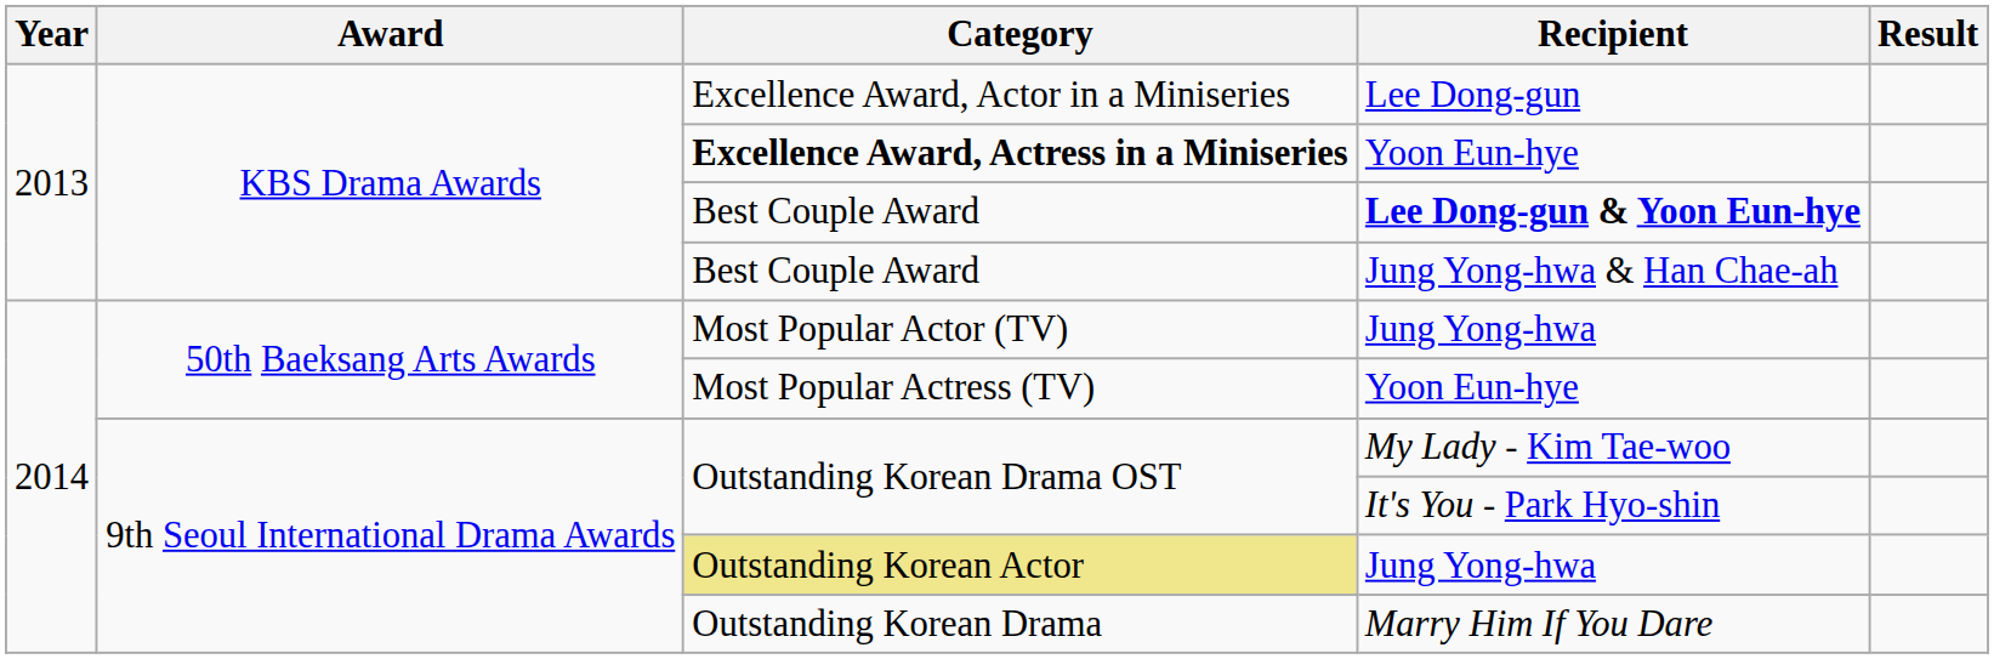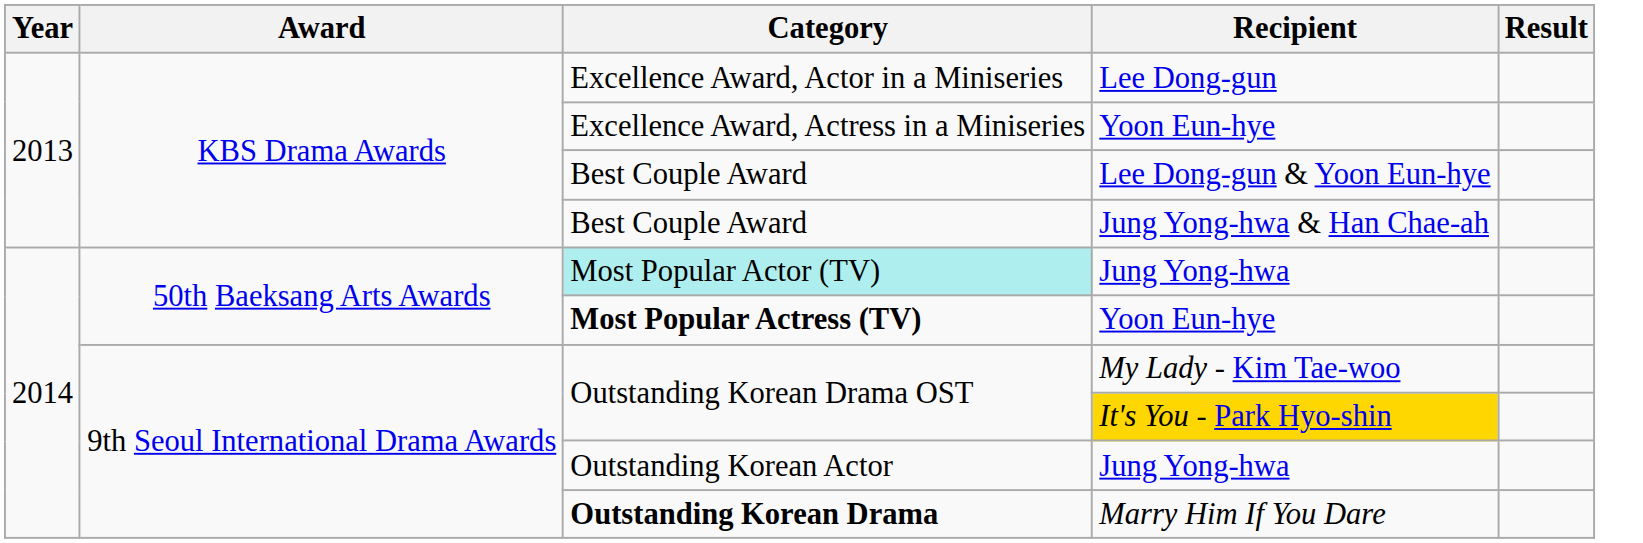 <table class="wikitable">
 <tr>
 <th>Year</th>
 <th>Award</th>
 <th>Category</th>
 <th>Recipient</th>
 <th>Result</th>
 </tr>
 <tr>
 <td rowspan=4>2013</td>
 <td rowspan=4 style="text-align:center;"><a href='#'>KBS Drama Awards</a></td>
 <td>Excellence Award, Actor in a Miniseries</td>
 <td><a href='#'>Lee Dong-gun</a></td>
 <td></td>
 </tr>
 <tr>
-<td><strong>Excellence Award, Actress in a Miniseries</strong></td>
+<td>Excellence Award, Actress in a Miniseries</td>
 <td><a href='#'>Yoon Eun-hye</a></td>
 <td></td>
 </tr>
 <tr>
 <td>Best Couple Award</td>
-<td><strong><a href='#'>Lee Dong-gun</a> & <a href='#'>Yoon Eun-hye</a></strong></td>
+<td><a href='#'>Lee Dong-gun</a> & <a href='#'>Yoon Eun-hye</a></td>
 <td></td>
 </tr>
 <tr>
 <td>Best Couple Award</td>
 <td><a href='#'>Jung Yong-hwa</a> & <a href='#'>Han Chae-ah</a></td>
 <td></td>
 </tr>
 <tr>
 <td rowspan=6>2014</td>
 <td rowspan=2 style="text-align:center;"><a href='#'>50th</a> <a href='#'>Baeksang Arts Awards</a></td>
-<td>Most Popular Actor (TV)</td>
+<td style="background: paleturquoise;">Most Popular Actor (TV)</td>
 <td><a href='#'>Jung Yong-hwa</a></td>
 <td></td>
 </tr>
 <tr>
-<td>Most Popular Actress (TV)</td>
+<td><strong>Most Popular Actress (TV)</strong></td>
 <td><a href='#'>Yoon Eun-hye</a></td>
 <td></td>
 </tr>
 <tr>
 <td rowspan=4 style="text-align:center;">9th <a href='#'>Seoul International Drama Awards</a></td>
 <td rowspan=2>Outstanding Korean Drama OST</td>
 <td><em>My Lady</em> - <a href='#'>Kim Tae-woo</a></td>
 <td></td>
 </tr>
 <tr>
-<td><em>It's You</em> - <a href='#'>Park Hyo-shin</a></td>
+<td style="background: gold;"><em>It's You</em> - <a href='#'>Park Hyo-shin</a></td>
 <td></td>
 </tr>
 <tr>
-<td style="background: khaki;">Outstanding Korean Actor</td>
+<td>Outstanding Korean Actor</td>
 <td><a href='#'>Jung Yong-hwa</a></td>
 <td></td>
 </tr>
 <tr>
-<td>Outstanding Korean Drama</td>
+<td><strong>Outstanding Korean Drama</strong></td>
 <td><em>Marry Him If You Dare</em></td>
 <td></td>
 </tr>
 </table>
